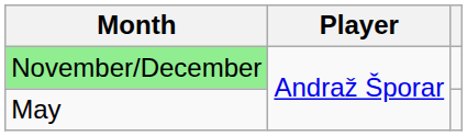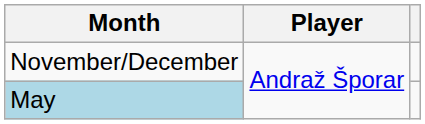 <table class="wikitable" style="text-align:left">
 <tr>
 <th>Month</th>
 <th>Player</th>
 <th></th>
 </tr>
 <tr>
-<td style="background: lightgreen;">November/December</td>
+<td>November/December</td>
 <td rowspan="2"> <a href='#'>Andraž Šporar</a></td>
 <td></td>
 </tr>
 <tr>
-<td>May</td>
+<td style="background: lightblue;">May</td>
 <td></td>
 </tr>
 </table>
